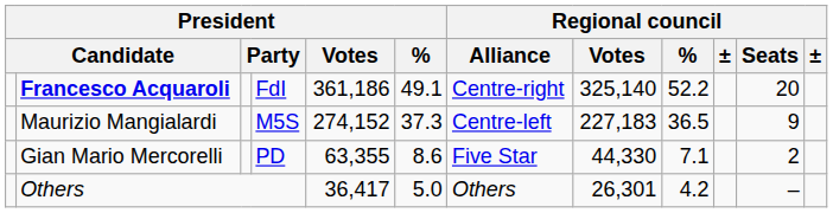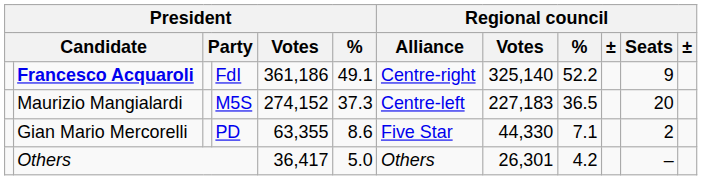 <table class="wikitable" style="text-align:right; style="width=70%">
 <tr>
 <th colspan="6">President</th>
 <th colspan="6">Regional council</th>
 </tr>
 <tr>
 <th colspan="2">Candidate</th>
 <th colspan="2">Party</th>
 <th>Votes</th>
 <th>%</th>
 <th>Alliance</th>
 <th>Votes</th>
 <th>%</th>
 <th>±</th>
 <th>Seats</th>
 <th>±</th>
 </tr>
 <tr>
 <td></td>
 <td style="text-align:left"><strong><a href='#'>Francesco Acquaroli</a></strong></td>
 <td></td>
 <td style="text-align:left"><a href='#'>FdI</a></td>
 <td>361,186</td>
 <td>49.1</td>
 <td style="text-align:left"><a href='#'>Centre-right</a></td>
 <td>325,140</td>
 <td>52.2</td>
 <td></td>
-<td>20</td>
+<td>9</td>
 <td></td>
 </tr>
 <tr>
 <td></td>
 <td style="text-align:left">Maurizio Mangialardi</td>
 <td></td>
 <td style="text-align:left"><a href='#'>M5S</a></td>
 <td>274,152</td>
 <td>37.3</td>
 <td style="text-align:left"><a href='#'>Centre-left</a></td>
 <td>227,183</td>
 <td>36.5</td>
 <td></td>
-<td>9</td>
+<td>20</td>
 <td></td>
 </tr>
 <tr>
 <td></td>
 <td style="text-align:left">Gian Mario Mercorelli</td>
 <td></td>
 <td style="text-align:left"><a href='#'>PD</a></td>
 <td>63,355</td>
 <td>8.6</td>
 <td style="text-align:left"><a href='#'>Five Star</a></td>
 <td>44,330</td>
 <td>7.1</td>
 <td></td>
 <td>2</td>
 <td></td>
 </tr>
 <tr>
 <td></td>
 <td colspan="3" style="text-align:left"><em>Others</em></td>
 <td>36,417</td>
 <td>5.0</td>
 <td style="text-align:left"><em>Others</em></td>
 <td>26,301</td>
 <td>4.2</td>
 <td></td>
 <td>–</td>
 <td></td>
 </tr>
 </table>
